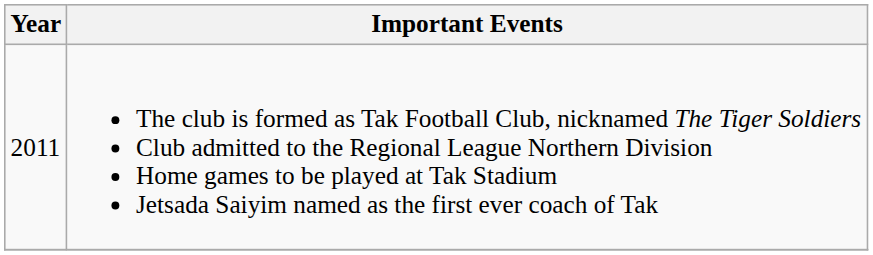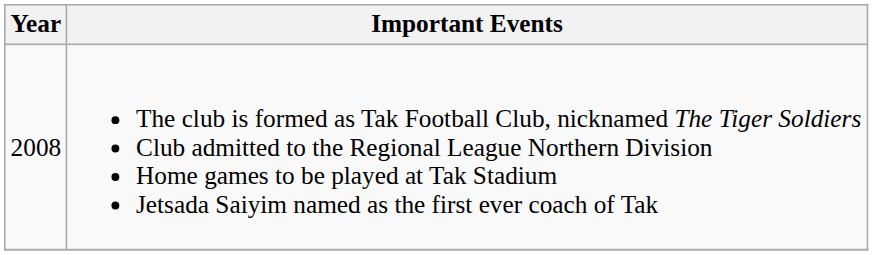 <table class="wikitable">
 <tr>
 <th>Year</th>
 <th>Important Events</th>
 </tr>
 <tr>
-<td>2011</td>
+<td>2008</td>
 <td><br><ul><li>The club is formed as Tak Football Club, nicknamed <em>The Tiger Soldiers</em></li><li>Club admitted to the Regional League Northern Division</li><li>Home games to be played at Tak Stadium</li><li>Jetsada Saiyim named as the first ever coach of Tak</li></ul></td>
 </tr>
 <tr>
 </tr>
 </table>
